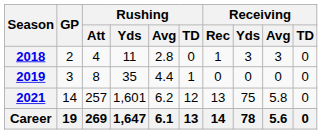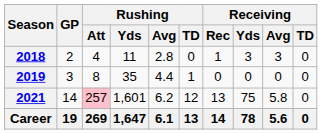 <table class="wikitable sortable" style="text-align:center;">
 <tr>
 <th rowspan="2">Season</th>
 <th rowspan="2">GP</th>
 <th colspan="4">Rushing</th>
 <th colspan="4">Receiving</th>
 </tr>
 <tr>
 <th>Att</th>
 <th>Yds</th>
 <th>Avg</th>
 <th>TD</th>
 <th>Rec</th>
 <th>Yds</th>
 <th>Avg</th>
 <th>TD</th>
 </tr>
 <tr>
 <th><a href='#'>2018</a></th>
 <td>2</td>
 <td>4</td>
 <td>11</td>
 <td>2.8</td>
 <td>0</td>
 <td>1</td>
 <td>3</td>
 <td>3</td>
 <td>0</td>
 </tr>
 <tr>
 <th><a href='#'>2019</a></th>
 <td>3</td>
 <td>8</td>
 <td>35</td>
 <td>4.4</td>
 <td>1</td>
 <td>0</td>
 <td>0</td>
 <td>0</td>
 <td>0</td>
 </tr>
 <tr>
 <th><a href='#'>2021</a></th>
 <td>14</td>
-<td>257</td>
+<td style="background: pink;">257</td>
 <td>1,601</td>
 <td>6.2</td>
 <td>12</td>
 <td>13</td>
 <td>75</td>
 <td>5.8</td>
 <td>0</td>
 </tr>
 <tr>
 <th>Career</th>
 <th>19</th>
 <th>269</th>
 <th>1,647</th>
 <th>6.1</th>
 <th>13</th>
 <th>14</th>
 <th>78</th>
 <th>5.6</th>
 <th>0</th>
 </tr>
 </table>
